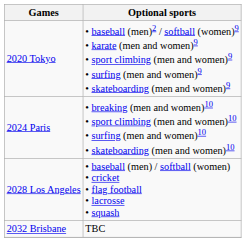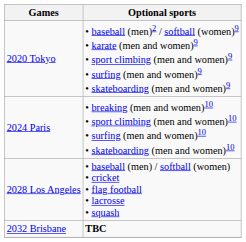 <table class="wikitable">
 <tr>
 <th>Games</th>
 <th>Optional sports</th>
 </tr>
 <tr>
 <td><a href='#'>2020 Tokyo</a></td>
 <td>• <a href='#'>baseball</a> (men)<sup><a href='#'>2</a></sup> / <a href='#'>softball</a> (women)<sup><a href='#'>9</a></sup><br>• <a href='#'>karate</a> (men and women)<sup><a href='#'>9</a></sup><br>• <a href='#'>sport climbing</a> (men and women)<sup><a href='#'>9</a></sup><br>• <a href='#'>surfing</a> (men and women)<sup><a href='#'>9</a></sup><br>• <a href='#'>skateboarding</a> (men and women)<sup><a href='#'>9</a></sup></td>
 </tr>
 <tr>
 <td><a href='#'>2024 Paris</a></td>
 <td>• <a href='#'>breaking</a> (men and women)<sup><a href='#'>10</a></sup><br>• <a href='#'>sport climbing</a> (men and women)<sup><a href='#'>10</a></sup><br>• <a href='#'>surfing</a> (men and women)<sup><a href='#'>10</a></sup><br>• <a href='#'>skateboarding</a> (men and women)<sup><a href='#'>10</a></sup></td>
 </tr>
 <tr>
 <td><a href='#'>2028 Los Angeles</a></td>
 <td>• <a href='#'>baseball</a> (men) / <a href='#'>softball</a> (women)<br>• <a href='#'>cricket</a><br>• <a href='#'>flag football</a><br>• <a href='#'>lacrosse</a><br>• <a href='#'>squash</a><br></td>
 </tr>
 <tr>
 <td><a href='#'>2032 Brisbane</a></td>
-<td>TBC</td>
+<td><strong>TBC</strong></td>
 </tr>
 <tr>
 </tr>
 </table>
